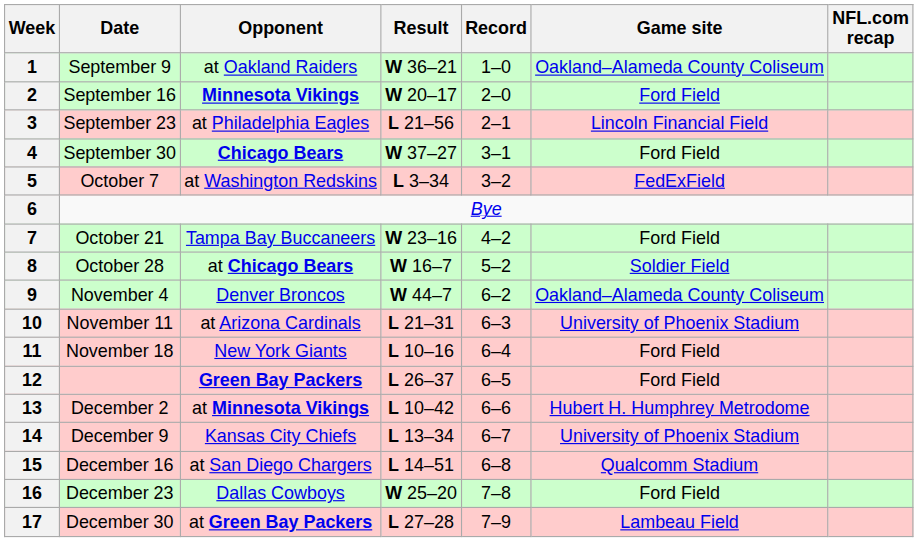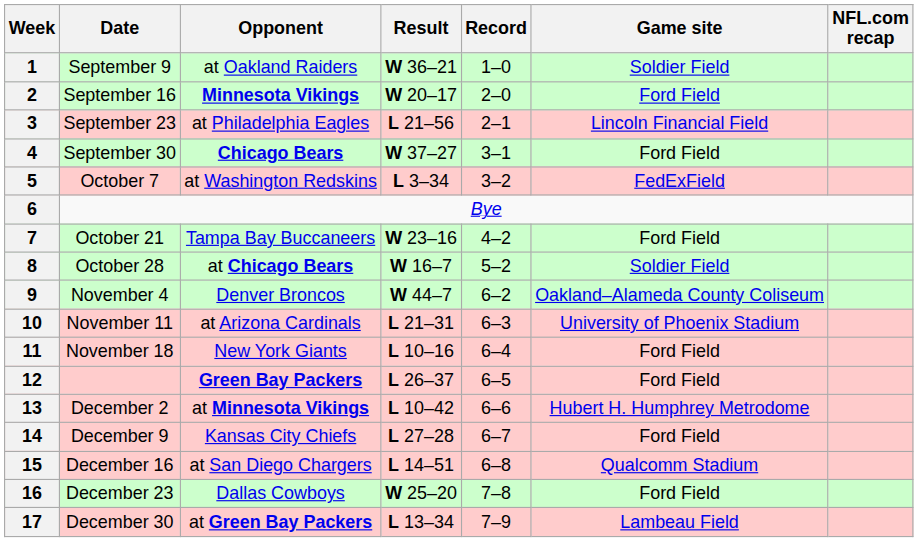 <table class="wikitable" style="text-align:center">
 <tr>
 <th>Week</th>
 <th>Date</th>
 <th>Opponent</th>
 <th>Result</th>
 <th>Record</th>
 <th>Game site</th>
 <th>NFL.com<br>recap</th>
 </tr>
 <tr style="background: #cfc;">
 <th>1</th>
 <td>September 9</td>
 <td>at <a href='#'>Oakland Raiders</a></td>
 <td><strong>W</strong> 36–21</td>
 <td>1–0</td>
-<td><a href='#'>Oakland–Alameda County Coliseum</a></td>
+<td><a href='#'>Soldier Field</a></td>
 <td></td>
 </tr>
 <tr style="background: #cfc;">
 <th>2</th>
 <td>September 16</td>
 <td><strong><a href='#'>Minnesota Vikings</a></strong></td>
 <td><strong>W</strong> 20–17 </td>
 <td>2–0</td>
 <td><a href='#'>Ford Field</a></td>
 <td></td>
 </tr>
 <tr style="background: #fcc;">
 <th>3</th>
 <td>September 23</td>
 <td>at <a href='#'>Philadelphia Eagles</a></td>
 <td><strong>L</strong> 21–56</td>
 <td>2–1</td>
 <td><a href='#'>Lincoln Financial Field</a></td>
 <td></td>
 </tr>
 <tr style="background: #cfc;">
 <th>4</th>
 <td>September 30</td>
 <td><strong><a href='#'>Chicago Bears</a></strong></td>
 <td><strong>W</strong> 37–27</td>
 <td>3–1</td>
 <td>Ford Field</td>
 <td></td>
 </tr>
 <tr style="background: #fcc;">
 <th>5</th>
 <td>October 7</td>
 <td>at <a href='#'>Washington Redskins</a></td>
 <td><strong>L</strong> 3–34</td>
 <td>3–2</td>
 <td><a href='#'>FedExField</a></td>
 <td></td>
 </tr>
 <tr>
 <th>6</th>
 <td colspan=6 align="center"><em><a href='#'>Bye</a></em></td>
 </tr>
 <tr style="background: #cfc;">
 <th>7</th>
 <td>October 21</td>
 <td><a href='#'>Tampa Bay Buccaneers</a></td>
 <td><strong>W</strong> 23–16</td>
 <td>4–2</td>
 <td>Ford Field</td>
 <td></td>
 </tr>
 <tr style="background: #cfc;">
 <th>8</th>
 <td>October 28</td>
 <td>at <strong><a href='#'>Chicago Bears</a></strong></td>
 <td><strong>W</strong> 16–7</td>
 <td>5–2</td>
 <td><a href='#'>Soldier Field</a></td>
 <td></td>
 </tr>
 <tr style="background: #cfc;">
 <th>9</th>
 <td>November 4</td>
 <td><a href='#'>Denver Broncos</a></td>
 <td><strong>W</strong> 44–7</td>
 <td>6–2</td>
 <td><a href='#'>Oakland–Alameda County Coliseum</a></td>
 <td></td>
 </tr>
 <tr style="background: #fcc;">
 <th>10</th>
 <td>November 11</td>
 <td>at <a href='#'>Arizona Cardinals</a></td>
 <td><strong>L</strong> 21–31</td>
 <td>6–3</td>
 <td><a href='#'>University of Phoenix Stadium</a></td>
 <td></td>
 </tr>
 <tr style="background: #fcc;">
 <th>11</th>
 <td>November 18</td>
 <td><a href='#'>New York Giants</a></td>
 <td><strong>L</strong> 10–16</td>
 <td>6–4</td>
 <td>Ford Field</td>
 <td></td>
 </tr>
 <tr style="background: #fcc;">
 <th>12</th>
 <td><a href='#'></a></td>
 <td><strong><a href='#'>Green Bay Packers</a></strong></td>
 <td><strong>L</strong>  26–37</td>
 <td>6–5</td>
 <td>Ford Field</td>
 <td></td>
 </tr>
 <tr style="background: #fcc;">
 <th>13</th>
 <td>December 2</td>
 <td>at <strong><a href='#'>Minnesota Vikings</a></strong></td>
 <td><strong>L</strong> 10–42</td>
 <td>6–6</td>
 <td><a href='#'>Hubert H. Humphrey Metrodome</a></td>
 <td></td>
 </tr>
 <tr style="background: #fcc;">
 <th>14</th>
 <td>December 9</td>
 <td><a href='#'>Kansas City Chiefs</a></td>
-<td><strong>L</strong> 13–34</td>
+<td><strong>L</strong> 27–28</td>
 <td>6–7</td>
-<td><a href='#'>University of Phoenix Stadium</a></td>
+<td>Ford Field</td>
 <td></td>
 </tr>
 <tr style="background: #fcc;">
 <th>15</th>
 <td>December 16</td>
 <td>at <a href='#'>San Diego Chargers</a></td>
 <td><strong>L</strong> 14–51</td>
 <td>6–8</td>
 <td><a href='#'>Qualcomm Stadium</a></td>
 <td></td>
 </tr>
 <tr style="background: #cfc;">
 <th>16</th>
 <td>December 23</td>
 <td><a href='#'>Dallas Cowboys</a></td>
 <td><strong>W</strong> 25–20</td>
 <td>7–8</td>
 <td>Ford Field</td>
 <td></td>
 </tr>
 <tr style="background: #fcc;">
 <th>17</th>
 <td>December 30</td>
 <td>at <strong><a href='#'>Green Bay Packers</a></strong></td>
-<td><strong>L</strong> 27–28</td>
+<td><strong>L</strong> 13–34</td>
 <td>7–9</td>
 <td><a href='#'>Lambeau Field</a></td>
 <td></td>
 </tr>
 </table>
